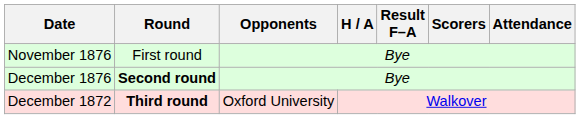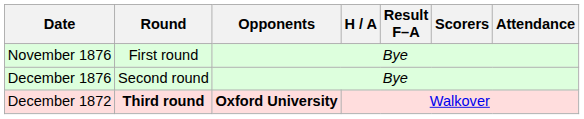 <table class="wikitable" style="text-align:center">
 <tr>
 <th>Date</th>
 <th>Round</th>
 <th>Opponents</th>
 <th>H / A</th>
 <th>Result<br>F–A</th>
 <th>Scorers</th>
 <th>Attendance</th>
 </tr>
 <tr bgcolor=#ddffdd>
 <td>November 1876</td>
 <td>First round</td>
 <td colspan="5"><em>Bye</em></td>
 </tr>
 <tr bgcolor=#ddffdd>
 <td>December 1876</td>
-<td><strong>Second round</strong></td>
+<td>Second round</td>
 <td colspan="5"><em>Bye</em></td>
 </tr>
 <tr bgcolor=#ffdddd>
 <td>December 1872</td>
 <td><strong>Third round</strong></td>
-<td align="left"> Oxford University</td>
+<td align="left"><strong> Oxford University</strong></td>
 <td colspan="4"><a href='#'>Walkover</a></td>
 </tr>
 </table>
